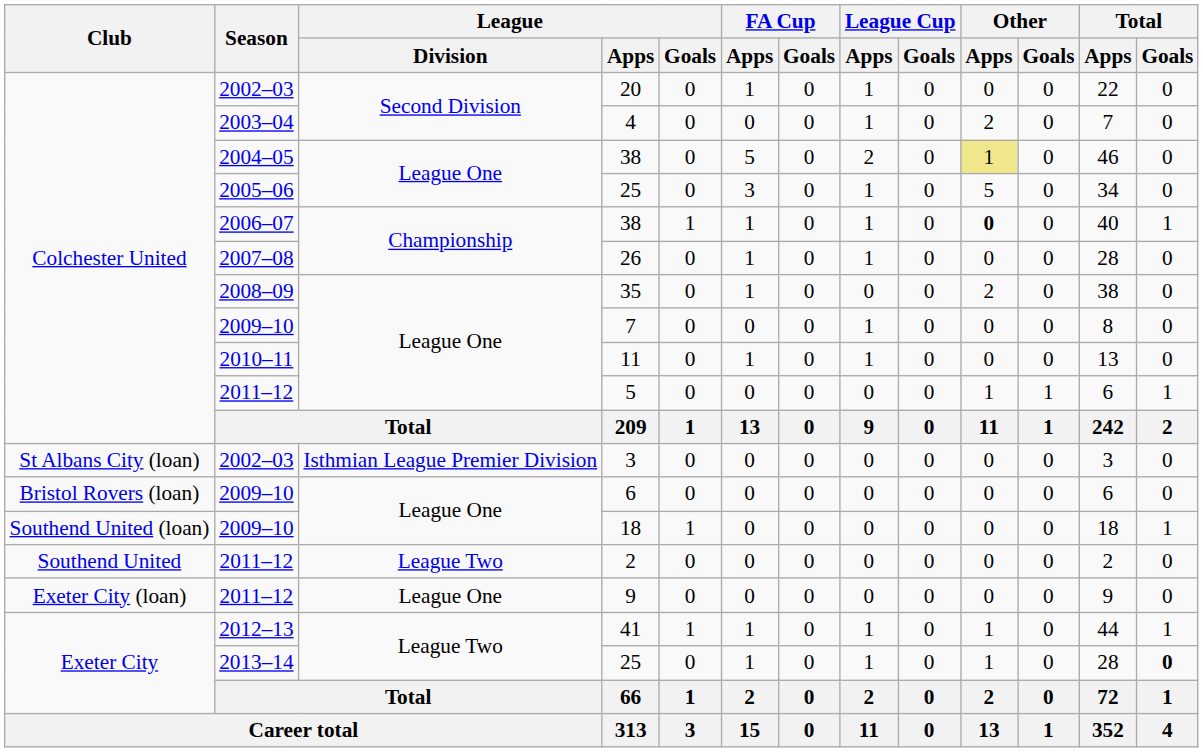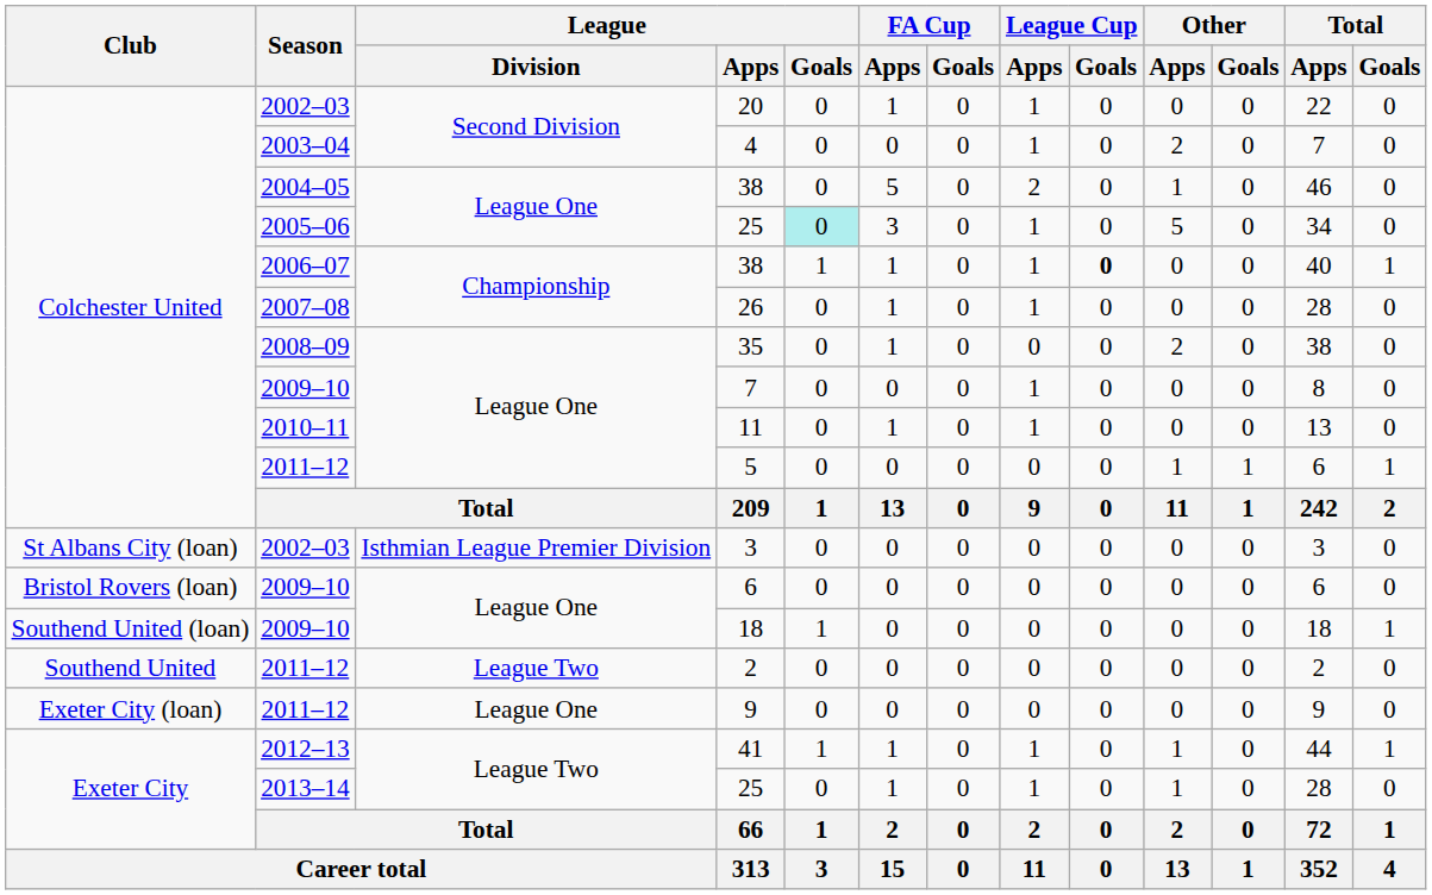 <table class="wikitable" style="text-align: center;">
 <tr>
 <th rowspan="2">Club</th>
 <th rowspan="2">Season</th>
 <th colspan="3">League</th>
 <th colspan="2"><a href='#'>FA Cup</a></th>
 <th colspan="2"><a href='#'>League Cup</a></th>
 <th colspan="2">Other</th>
 <th colspan="2">Total</th>
 </tr>
 <tr>
 <th>Division</th>
 <th>Apps</th>
 <th>Goals</th>
 <th>Apps</th>
 <th>Goals</th>
 <th>Apps</th>
 <th>Goals</th>
 <th>Apps</th>
 <th>Goals</th>
 <th>Apps</th>
 <th>Goals</th>
 </tr>
 <tr>
 <td rowspan="11" valign="centre"><a href='#'>Colchester United</a></td>
 <td><a href='#'>2002–03</a></td>
 <td rowspan="2"><a href='#'>Second Division</a></td>
 <td>20</td>
 <td>0</td>
 <td>1</td>
 <td>0</td>
 <td>1</td>
 <td>0</td>
 <td>0</td>
 <td>0</td>
 <td>22</td>
 <td>0</td>
 </tr>
 <tr>
 <td><a href='#'>2003–04</a></td>
 <td>4</td>
 <td>0</td>
 <td>0</td>
 <td>0</td>
 <td>1</td>
 <td>0</td>
 <td>2</td>
 <td>0</td>
 <td>7</td>
 <td>0</td>
 </tr>
 <tr>
 <td><a href='#'>2004–05</a></td>
 <td rowspan="2"><a href='#'>League One</a></td>
 <td>38</td>
 <td>0</td>
 <td>5</td>
 <td>0</td>
 <td>2</td>
 <td>0</td>
-<td style="background: khaki;">1</td>
+<td>1</td>
 <td>0</td>
 <td>46</td>
 <td>0</td>
 </tr>
 <tr>
 <td><a href='#'>2005–06</a></td>
 <td>25</td>
-<td>0</td>
+<td style="background: paleturquoise;">0</td>
 <td>3</td>
 <td>0</td>
 <td>1</td>
 <td>0</td>
 <td>5</td>
 <td>0</td>
 <td>34</td>
 <td>0</td>
 </tr>
 <tr>
 <td><a href='#'>2006–07</a></td>
 <td rowspan="2"><a href='#'>Championship</a></td>
 <td>38</td>
 <td>1</td>
 <td>1</td>
 <td>0</td>
 <td>1</td>
+<td><strong>0</strong></td>
 <td>0</td>
-<td><strong>0</strong></td>
 <td>0</td>
 <td>40</td>
 <td>1</td>
 </tr>
 <tr>
 <td><a href='#'>2007–08</a></td>
 <td>26</td>
 <td>0</td>
 <td>1</td>
 <td>0</td>
 <td>1</td>
 <td>0</td>
 <td>0</td>
 <td>0</td>
 <td>28</td>
 <td>0</td>
 </tr>
 <tr>
 <td><a href='#'>2008–09</a></td>
 <td rowspan="4">League One</td>
 <td>35</td>
 <td>0</td>
 <td>1</td>
 <td>0</td>
 <td>0</td>
 <td>0</td>
 <td>2</td>
 <td>0</td>
 <td>38</td>
 <td>0</td>
 </tr>
 <tr>
 <td><a href='#'>2009–10</a></td>
 <td>7</td>
 <td>0</td>
 <td>0</td>
 <td>0</td>
 <td>1</td>
 <td>0</td>
 <td>0</td>
 <td>0</td>
 <td>8</td>
 <td>0</td>
 </tr>
 <tr>
 <td><a href='#'>2010–11</a></td>
 <td>11</td>
 <td>0</td>
 <td>1</td>
 <td>0</td>
 <td>1</td>
 <td>0</td>
 <td>0</td>
 <td>0</td>
 <td>13</td>
 <td>0</td>
 </tr>
 <tr>
 <td><a href='#'>2011–12</a></td>
 <td>5</td>
 <td>0</td>
 <td>0</td>
 <td>0</td>
 <td>0</td>
 <td>0</td>
 <td>1</td>
 <td>1</td>
 <td>6</td>
 <td>1</td>
 </tr>
 <tr>
 <th colspan="2">Total</th>
 <th>209</th>
 <th>1</th>
 <th>13</th>
 <th>0</th>
 <th>9</th>
 <th>0</th>
 <th>11</th>
 <th>1</th>
 <th>242</th>
 <th>2</th>
 </tr>
 <tr>
 <td valign="centre"><a href='#'>St Albans City</a> (loan)</td>
 <td><a href='#'>2002–03</a></td>
 <td><a href='#'>Isthmian League Premier Division</a></td>
 <td>3</td>
 <td>0</td>
 <td>0</td>
 <td>0</td>
 <td>0</td>
 <td>0</td>
 <td>0</td>
 <td>0</td>
 <td>3</td>
 <td>0</td>
 </tr>
 <tr>
 <td valign="centre"><a href='#'>Bristol Rovers</a> (loan)</td>
 <td><a href='#'>2009–10</a></td>
 <td rowspan="2">League One</td>
 <td>6</td>
 <td>0</td>
 <td>0</td>
 <td>0</td>
 <td>0</td>
 <td>0</td>
 <td>0</td>
 <td>0</td>
 <td>6</td>
 <td>0</td>
 </tr>
 <tr>
 <td valign="centre"><a href='#'>Southend United</a> (loan)</td>
 <td><a href='#'>2009–10</a></td>
 <td>18</td>
 <td>1</td>
 <td>0</td>
 <td>0</td>
 <td>0</td>
 <td>0</td>
 <td>0</td>
 <td>0</td>
 <td>18</td>
 <td>1</td>
 </tr>
 <tr>
 <td valign="centre"><a href='#'>Southend United</a></td>
 <td><a href='#'>2011–12</a></td>
 <td><a href='#'>League Two</a></td>
 <td>2</td>
 <td>0</td>
 <td>0</td>
 <td>0</td>
 <td>0</td>
 <td>0</td>
 <td>0</td>
 <td>0</td>
 <td>2</td>
 <td>0</td>
 </tr>
 <tr>
 <td valign="centre"><a href='#'>Exeter City</a> (loan)</td>
 <td><a href='#'>2011–12</a></td>
 <td>League One</td>
 <td>9</td>
 <td>0</td>
 <td>0</td>
 <td>0</td>
 <td>0</td>
 <td>0</td>
 <td>0</td>
 <td>0</td>
 <td>9</td>
 <td>0</td>
 </tr>
 <tr>
 <td rowspan="3" valign="centre"><a href='#'>Exeter City</a></td>
 <td><a href='#'>2012–13</a></td>
 <td rowspan="2">League Two</td>
 <td>41</td>
 <td>1</td>
 <td>1</td>
 <td>0</td>
 <td>1</td>
 <td>0</td>
 <td>1</td>
 <td>0</td>
 <td>44</td>
 <td>1</td>
 </tr>
 <tr>
 <td><a href='#'>2013–14</a></td>
 <td>25</td>
 <td>0</td>
 <td>1</td>
 <td>0</td>
 <td>1</td>
 <td>0</td>
 <td>1</td>
 <td>0</td>
 <td>28</td>
-<td><strong>0</strong></td>
+<td>0</td>
 </tr>
 <tr>
 <th colspan="2">Total</th>
 <th>66</th>
 <th>1</th>
 <th>2</th>
 <th>0</th>
 <th>2</th>
 <th>0</th>
 <th>2</th>
 <th>0</th>
 <th>72</th>
 <th>1</th>
 </tr>
 <tr>
 <th colspan="3">Career total</th>
 <th>313</th>
 <th>3</th>
 <th>15</th>
 <th>0</th>
 <th>11</th>
 <th>0</th>
 <th>13</th>
 <th>1</th>
 <th>352</th>
 <th>4</th>
 </tr>
 </table>
